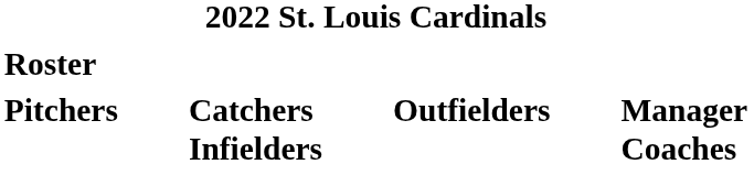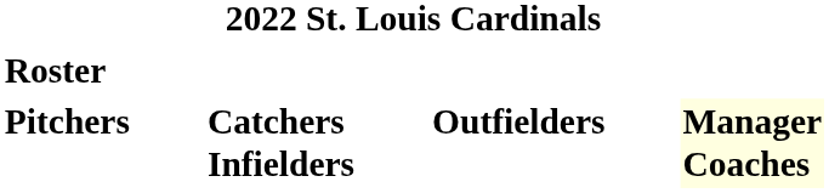 <table class="toccolours" style="font-size: 95%;">
 <tr>
 <th colspan="10">2022 St. Louis Cardinals</th>
 </tr>
 <tr>
 <td colspan="10"><strong>Roster</strong></td>
 </tr>
 <tr>
 <td valign="top"><strong>Pitchers</strong><br>                           </td>
 <td style="width:25px;"></td>
 <td valign="top"><strong>Catchers</strong><br>    <strong>Infielders</strong>          </td>
 <td style="width:25px;"></td>
 <td valign="top"><strong>Outfielders</strong><br>        </td>
 <td style="width:25px;"></td>
-<td valign="top"><strong>Manager</strong><br> <strong>Coaches</strong>                         </td>
+<td valign="top" style="background: lightyellow;"><strong>Manager</strong><br> <strong>Coaches</strong>                         </td>
 </tr>
 </table>
